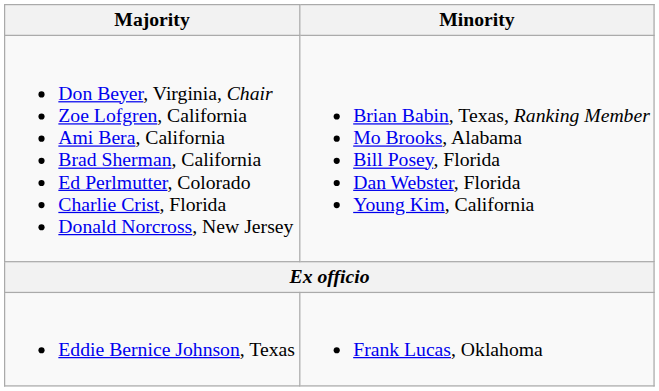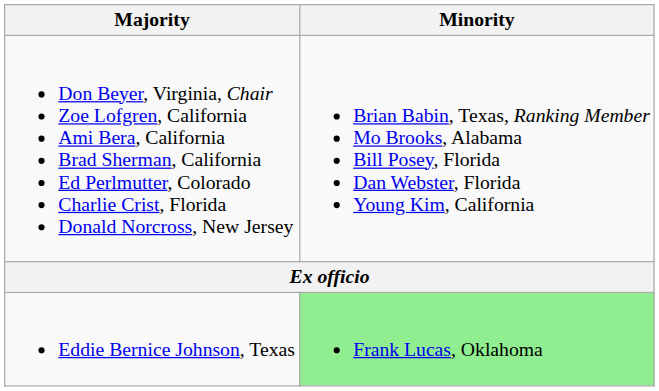 <table class=wikitable>
 <tr>
 <th>Majority</th>
 <th>Minority</th>
 </tr>
 <tr>
 <td><br><ul><li><a href='#'>Don Beyer</a>, Virginia, <em>Chair</em></li><li><a href='#'>Zoe Lofgren</a>, California</li><li><a href='#'>Ami Bera</a>, California</li><li><a href='#'>Brad Sherman</a>, California</li><li><a href='#'>Ed Perlmutter</a>, Colorado</li><li><a href='#'>Charlie Crist</a>, Florida</li><li><a href='#'>Donald Norcross</a>, New Jersey</li></ul></td>
 <td><br><ul><li><a href='#'>Brian Babin</a>, Texas, <em>Ranking Member</em></li><li><a href='#'>Mo Brooks</a>, Alabama</li><li><a href='#'>Bill Posey</a>, Florida</li><li><a href='#'>Dan Webster</a>, Florida</li><li><a href='#'>Young Kim</a>, California</li></ul></td>
 </tr>
 <tr>
 <th colspan=2><em>Ex officio</em></th>
 </tr>
 <tr>
 <td><br><ul><li><a href='#'>Eddie Bernice Johnson</a>, Texas</li></ul></td>
-<td><br><ul><li><a href='#'>Frank Lucas</a>, Oklahoma</li></ul></td>
+<td style="background: lightgreen;"><br><ul><li><a href='#'>Frank Lucas</a>, Oklahoma</li></ul></td>
 </tr>
 </table>
